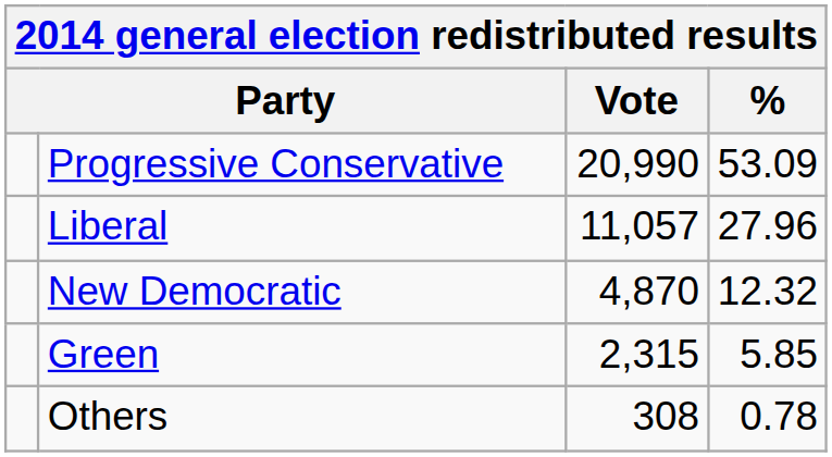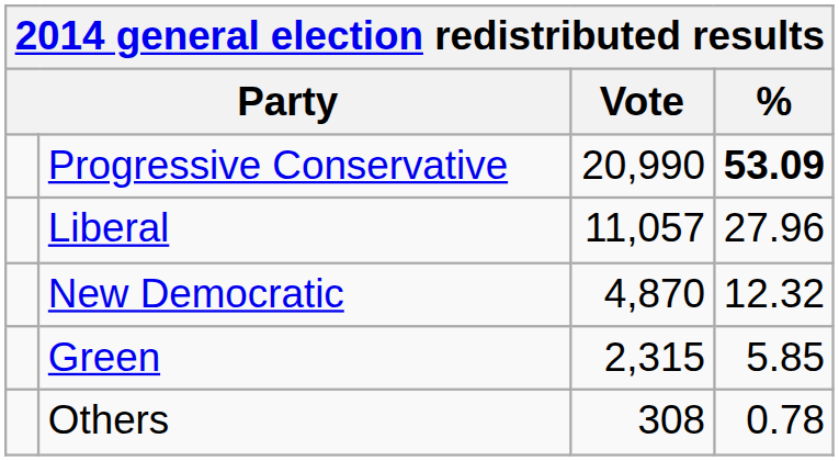 <table class="wikitable">
 <tr>
 <th colspan="4"><a href='#'>2014 general election</a> redistributed results</th>
 </tr>
 <tr>
 <th bgcolor="#DDDDFF" width="130px" colspan="2">Party</th>
 <th bgcolor="#DDDDFF" width="50px">Vote</th>
 <th bgcolor="#DDDDFF" width="30px">%</th>
 </tr>
 <tr>
 <td> </td>
 <td><a href='#'>Progressive Conservative</a></td>
 <td align=right>20,990</td>
-<td align=right>53.09</td>
+<td align=right><strong>53.09</strong></td>
 </tr>
 <tr>
 <td> </td>
 <td><a href='#'>Liberal</a></td>
 <td align=right>11,057</td>
 <td align=right>27.96</td>
 </tr>
 <tr>
 <td> </td>
 <td><a href='#'>New Democratic</a></td>
 <td align=right>4,870</td>
 <td align=right>12.32</td>
 </tr>
 <tr>
 <td> </td>
 <td><a href='#'>Green</a></td>
 <td align=right>2,315</td>
 <td align=right>5.85</td>
 </tr>
 <tr>
 <td> </td>
 <td>Others</td>
 <td align=right>308</td>
 <td align=right>0.78</td>
 </tr>
 </table>
